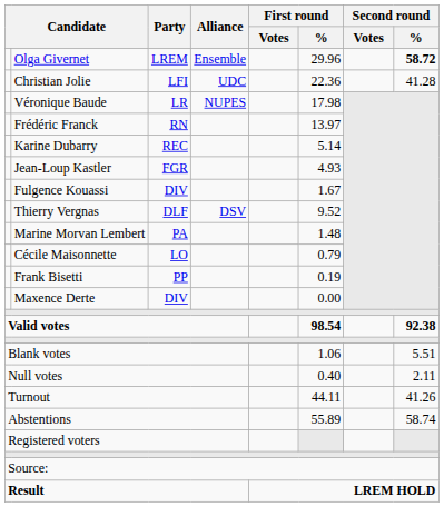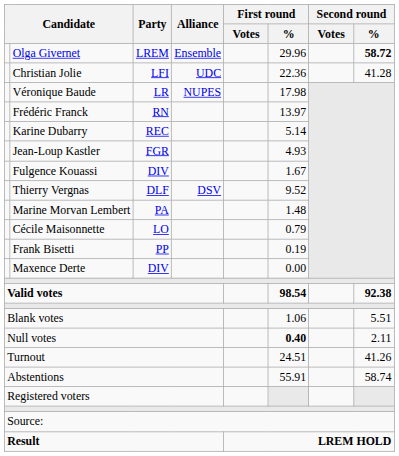 <table class="wikitable" style="text-align:right;font-size:95%;">
 <tr>
 <th colspan="2" rowspan="2">Candidate</th>
 <th colspan="1" rowspan="2">Party</th>
 <th colspan="1" rowspan="2">Alliance</th>
 <th colspan="2">First round</th>
 <th colspan="2">Second round</th>
 </tr>
 <tr>
 <th style="width:50px;">Votes</th>
 <th style="width:45px;">%</th>
 <th style="width:50px;">Votes</th>
 <th style="width:45px;">%</th>
 </tr>
 <tr>
 <td style="color:inherit;background:"></td>
 <td style="text-align:left;"><a href='#'>Olga Givernet</a></td>
 <td><a href='#'>LREM</a></td>
 <td><a href='#'>Ensemble</a></td>
 <td></td>
 <td>29.96</td>
 <td><strong></strong></td>
 <td><strong>58.72</strong></td>
 </tr>
 <tr>
 <td style="color:inherit;background:"></td>
 <td style="text-align:left;">Christian Jolie</td>
 <td><a href='#'>LFI</a></td>
 <td><a href='#'>UDC</a></td>
 <td></td>
 <td>22.36</td>
 <td></td>
 <td>41.28</td>
 </tr>
 <tr>
 <td style="color:inherit;background:"></td>
 <td style="text-align:left;">Véronique Baude</td>
 <td><a href='#'>LR</a></td>
 <td><a href='#'>NUPES</a></td>
 <td></td>
 <td>17.98</td>
 <td colspan="2" rowspan="10" style="background:#E9E9E9;"></td>
 </tr>
 <tr>
 <td style="color:inherit;background:"></td>
 <td style="text-align:left;">Frédéric Franck</td>
 <td><a href='#'>RN</a></td>
 <td></td>
 <td></td>
 <td>13.97</td>
 </tr>
 <tr>
 <td style="color:inherit;background:"></td>
 <td style="text-align:left;">Karine Dubarry</td>
 <td><a href='#'>REC</a></td>
 <td></td>
 <td></td>
 <td>5.14</td>
 </tr>
 <tr>
 <td style="color:inherit;background:"></td>
 <td style="text-align:left;">Jean-Loup Kastler</td>
 <td><a href='#'>FGR</a></td>
 <td></td>
 <td></td>
 <td>4.93</td>
 </tr>
 <tr>
 <td style="color:inherit;background:"></td>
 <td style="text-align:left;">Fulgence Kouassi</td>
 <td><a href='#'>DIV</a></td>
 <td></td>
 <td></td>
 <td>1.67</td>
 </tr>
 <tr>
 <td style="color:inherit;background:"></td>
 <td style="text-align:left;">Thierry Vergnas</td>
 <td><a href='#'>DLF</a></td>
 <td><a href='#'>DSV</a></td>
 <td></td>
 <td>9.52</td>
 </tr>
 <tr>
 <td style="color:inherit;background:"></td>
 <td style="text-align:left;">Marine Morvan Lembert</td>
 <td><a href='#'>PA</a></td>
 <td></td>
 <td></td>
 <td>1.48</td>
 </tr>
 <tr>
 <td style="color:inherit;background:"></td>
 <td style="text-align:left;">Cécile Maisonnette</td>
 <td><a href='#'>LO</a></td>
 <td></td>
 <td></td>
 <td>0.79</td>
 </tr>
 <tr>
 <td style="color:inherit;background:"></td>
 <td style="text-align:left;">Frank Bisetti</td>
 <td><a href='#'>PP</a></td>
 <td></td>
 <td></td>
 <td>0.19</td>
 </tr>
 <tr>
 <td style="color:inherit;background:"></td>
 <td style="text-align:left;">Maxence Derte</td>
 <td><a href='#'>DIV</a></td>
 <td></td>
 <td></td>
 <td>0.00</td>
 </tr>
 <tr>
 <td colspan="8" style="background:#E9E9E9;"></td>
 </tr>
 <tr style="font-weight:bold;">
 <td colspan="4" style="text-align:left;">Valid votes</td>
 <td></td>
 <td>98.54</td>
 <td></td>
 <td>92.38</td>
 </tr>
 <tr>
 <td colspan="8" style="background:#E9E9E9;"></td>
 </tr>
 <tr>
 <td colspan="4" style="text-align:left;">Blank votes</td>
 <td></td>
 <td>1.06</td>
 <td></td>
 <td>5.51</td>
 </tr>
 <tr>
 <td colspan="4" style="text-align:left;">Null votes</td>
 <td></td>
-<td>0.40</td>
+<td><strong>0.40</strong></td>
 <td></td>
 <td>2.11</td>
 </tr>
 <tr>
 <td colspan="4" style="text-align:left;">Turnout</td>
 <td></td>
-<td>44.11</td>
+<td>24.51</td>
 <td></td>
 <td>41.26</td>
 </tr>
 <tr>
 <td colspan="4" style="text-align:left;">Abstentions</td>
 <td></td>
-<td>55.89</td>
+<td>55.91</td>
 <td></td>
 <td>58.74</td>
 </tr>
 <tr>
 <td colspan="4" style="text-align:left;">Registered voters</td>
 <td></td>
 <td style="color:inherit;background:#E9E9E9;"></td>
 <td></td>
 <td style="color:inherit;background:#E9E9E9;"></td>
 </tr>
 <tr>
 <td colspan="8" style="background:#E9E9E9;"></td>
 </tr>
 <tr>
 <td colspan="8" style="text-align:left;">Source: </td>
 </tr>
 <tr style="font-weight:bold">
 <td colspan="4" style="text-align:left;">Result</td>
 <td colspan="4" style="background-color:">LREM HOLD</td>
 </tr>
 </table>
